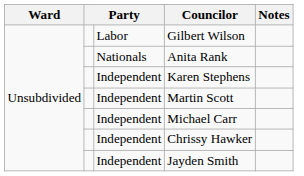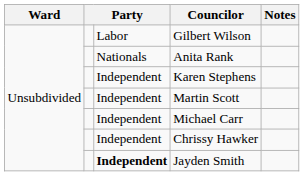 <table class="wikitable">
 <tr>
 <th>Ward</th>
 <th colspan="2">Party</th>
 <th>Councilor</th>
 <th>Notes</th>
 </tr>
 <tr>
 <td rowspan="7">Unsubdivided</td>
 <td> </td>
 <td>Labor</td>
 <td>Gilbert Wilson</td>
 <td></td>
 </tr>
 <tr>
 <td> </td>
 <td>Nationals</td>
 <td>Anita Rank</td>
 <td></td>
 </tr>
 <tr>
 <td> </td>
 <td>Independent</td>
 <td>Karen Stephens</td>
 <td></td>
 </tr>
 <tr>
 <td> </td>
 <td>Independent</td>
 <td>Martin Scott</td>
 <td></td>
 </tr>
 <tr>
 <td> </td>
 <td>Independent</td>
 <td>Michael Carr</td>
 <td></td>
 </tr>
 <tr>
 <td> </td>
 <td>Independent</td>
 <td>Chrissy Hawker</td>
 <td></td>
 </tr>
 <tr>
 <td> </td>
-<td>Independent</td>
+<td><strong>Independent</strong></td>
 <td>Jayden Smith</td>
 <td></td>
 </tr>
 </table>
